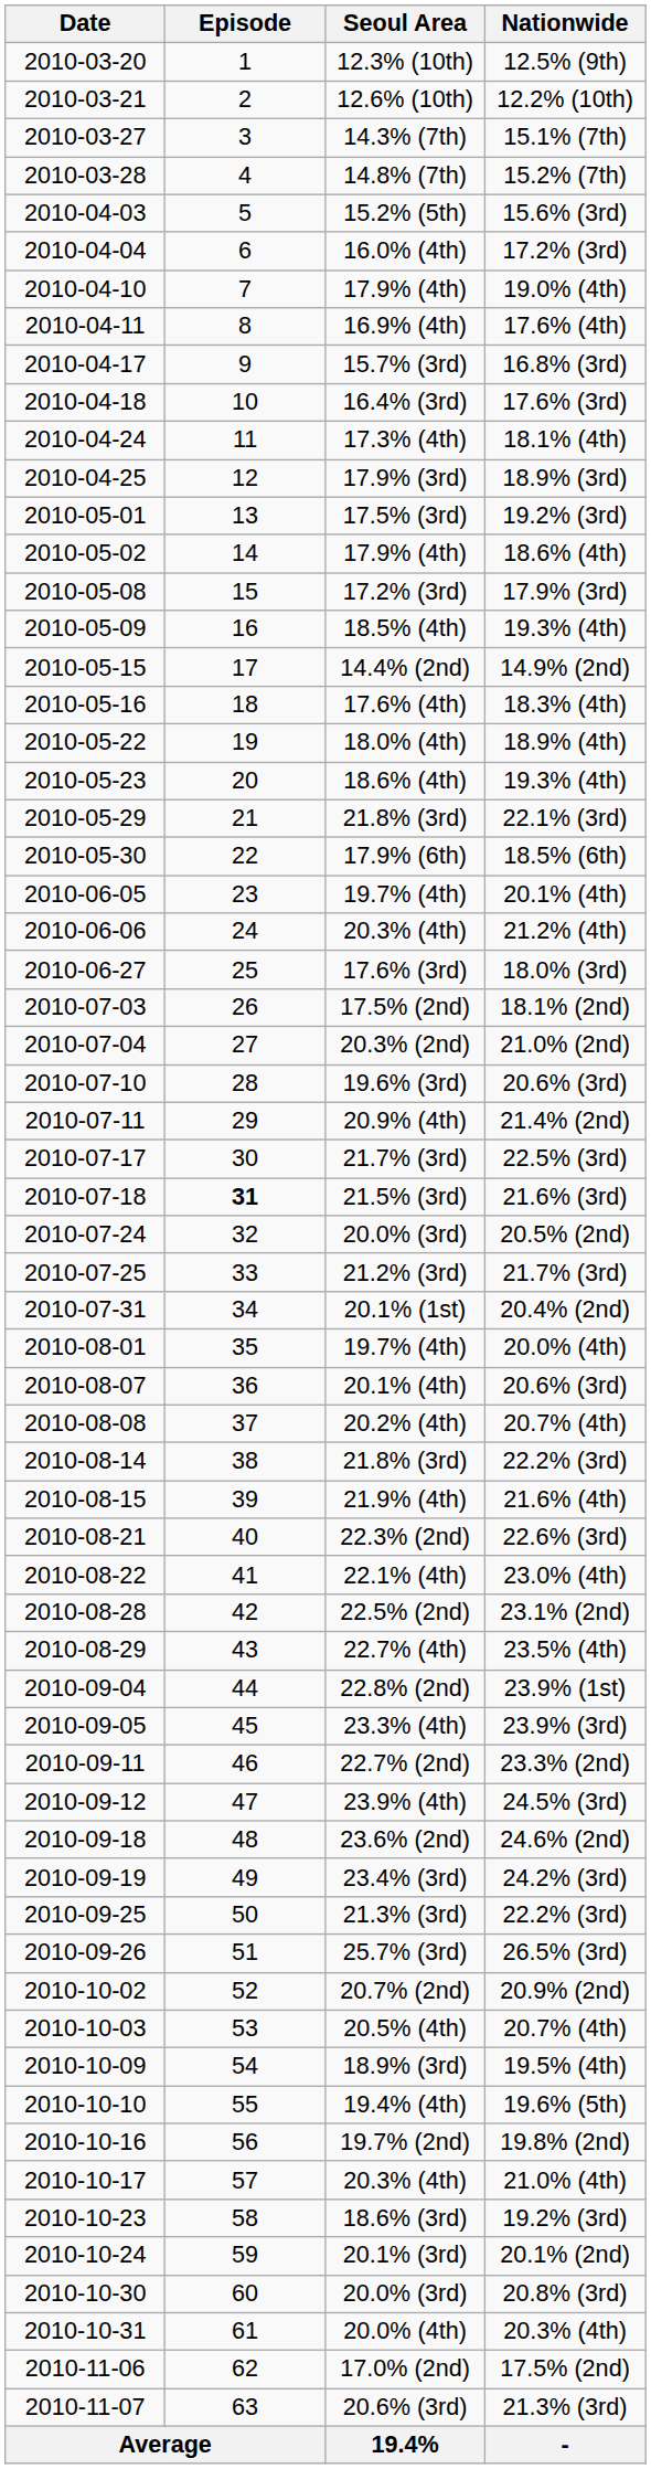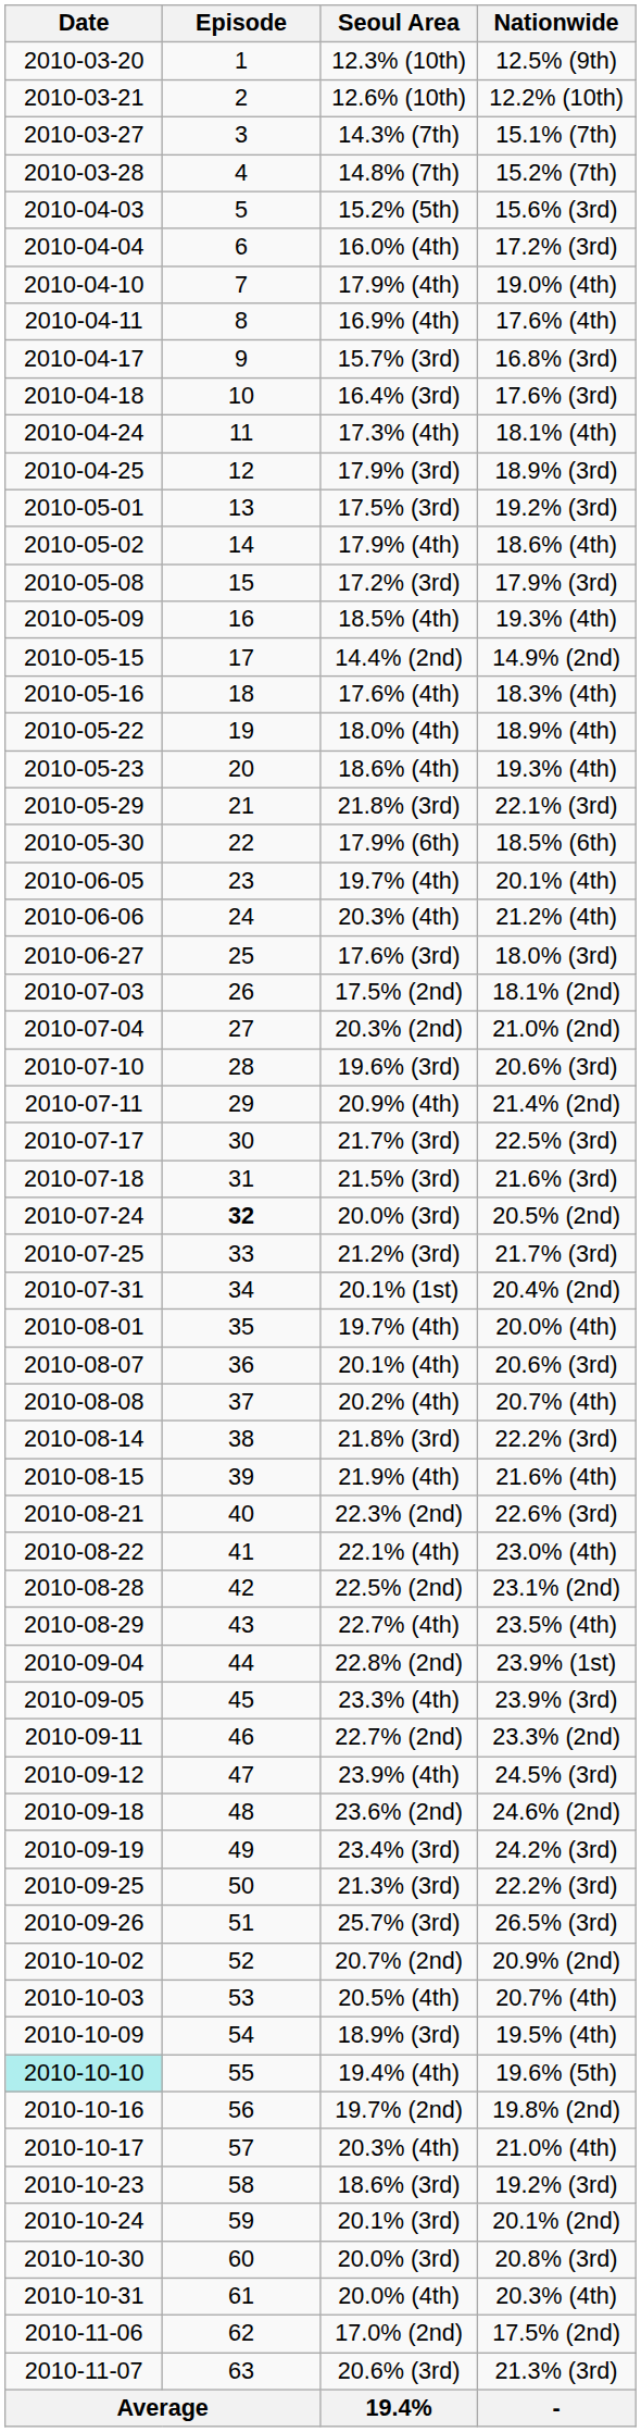 <table class="wikitable">
 <tr>
 <th width=100>Date</th>
 <th width=100>Episode</th>
 <th width=100>Seoul Area</th>
 <th width=100>Nationwide</th>
 </tr>
 <tr align="center">
 <td>2010-03-20</td>
 <td>1</td>
 <td>12.3% (10th)</td>
 <td>12.5% (9th)</td>
 </tr>
 <tr align="center">
 <td>2010-03-21</td>
 <td>2</td>
 <td>12.6% (10th)</td>
 <td>12.2% (10th)</td>
 </tr>
 <tr align="center">
 <td>2010-03-27</td>
 <td>3</td>
 <td>14.3% (7th)</td>
 <td>15.1% (7th)</td>
 </tr>
 <tr align="center">
 <td>2010-03-28</td>
 <td>4</td>
 <td>14.8% (7th)</td>
 <td>15.2% (7th)</td>
 </tr>
 <tr align="center">
 <td>2010-04-03</td>
 <td>5</td>
 <td>15.2% (5th)</td>
 <td>15.6% (3rd)</td>
 </tr>
 <tr align="center">
 <td>2010-04-04</td>
 <td>6</td>
 <td>16.0% (4th)</td>
 <td>17.2% (3rd)</td>
 </tr>
 <tr align="center">
 <td>2010-04-10</td>
 <td>7</td>
 <td>17.9% (4th)</td>
 <td>19.0% (4th)</td>
 </tr>
 <tr align="center">
 <td>2010-04-11</td>
 <td>8</td>
 <td>16.9% (4th)</td>
 <td>17.6% (4th)</td>
 </tr>
 <tr align="center">
 <td>2010-04-17</td>
 <td>9</td>
 <td>15.7% (3rd)</td>
 <td>16.8% (3rd)</td>
 </tr>
 <tr align="center">
 <td>2010-04-18</td>
 <td>10</td>
 <td>16.4% (3rd)</td>
 <td>17.6% (3rd)</td>
 </tr>
 <tr align="center">
 <td>2010-04-24</td>
 <td>11</td>
 <td>17.3% (4th)</td>
 <td>18.1% (4th)</td>
 </tr>
 <tr align="center">
 <td>2010-04-25</td>
 <td>12</td>
 <td>17.9% (3rd)</td>
 <td>18.9% (3rd)</td>
 </tr>
 <tr align="center">
 <td>2010-05-01</td>
 <td>13</td>
 <td>17.5% (3rd)</td>
 <td>19.2% (3rd)</td>
 </tr>
 <tr align="center">
 <td>2010-05-02</td>
 <td>14</td>
 <td>17.9% (4th)</td>
 <td>18.6% (4th)</td>
 </tr>
 <tr align="center">
 <td>2010-05-08</td>
 <td>15</td>
 <td>17.2% (3rd)</td>
 <td>17.9% (3rd)</td>
 </tr>
 <tr align="center">
 <td>2010-05-09</td>
 <td>16</td>
 <td>18.5% (4th)</td>
 <td>19.3% (4th)</td>
 </tr>
 <tr align="center">
 <td>2010-05-15</td>
 <td>17</td>
 <td>14.4% (2nd)</td>
 <td>14.9% (2nd)</td>
 </tr>
 <tr align="center">
 <td>2010-05-16</td>
 <td>18</td>
 <td>17.6% (4th)</td>
 <td>18.3% (4th)</td>
 </tr>
 <tr align="center">
 <td>2010-05-22</td>
 <td>19</td>
 <td>18.0% (4th)</td>
 <td>18.9% (4th)</td>
 </tr>
 <tr align="center">
 <td>2010-05-23</td>
 <td>20</td>
 <td>18.6% (4th)</td>
 <td>19.3% (4th)</td>
 </tr>
 <tr align="center">
 <td>2010-05-29</td>
 <td>21</td>
 <td>21.8% (3rd)</td>
 <td>22.1% (3rd)</td>
 </tr>
 <tr align="center">
 <td>2010-05-30</td>
 <td>22</td>
 <td>17.9% (6th)</td>
 <td>18.5% (6th)</td>
 </tr>
 <tr align="center">
 <td>2010-06-05</td>
 <td>23</td>
 <td>19.7% (4th)</td>
 <td>20.1% (4th)</td>
 </tr>
 <tr align="center">
 <td>2010-06-06</td>
 <td>24</td>
 <td>20.3% (4th)</td>
 <td>21.2% (4th)</td>
 </tr>
 <tr align="center">
 <td>2010-06-27</td>
 <td>25</td>
 <td>17.6% (3rd)</td>
 <td>18.0% (3rd)</td>
 </tr>
 <tr align="center">
 <td>2010-07-03</td>
 <td>26</td>
 <td>17.5% (2nd)</td>
 <td>18.1% (2nd)</td>
 </tr>
 <tr align="center">
 <td>2010-07-04</td>
 <td>27</td>
 <td>20.3% (2nd)</td>
 <td>21.0% (2nd)</td>
 </tr>
 <tr align="center">
 <td>2010-07-10</td>
 <td>28</td>
 <td>19.6% (3rd)</td>
 <td>20.6% (3rd)</td>
 </tr>
 <tr align="center">
 <td>2010-07-11</td>
 <td>29</td>
 <td>20.9% (4th)</td>
 <td>21.4% (2nd)</td>
 </tr>
 <tr align="center">
 <td>2010-07-17</td>
 <td>30</td>
 <td>21.7% (3rd)</td>
 <td>22.5% (3rd)</td>
 </tr>
 <tr align="center">
 <td>2010-07-18</td>
-<td><strong>31</strong></td>
+<td>31</td>
 <td>21.5% (3rd)</td>
 <td>21.6% (3rd)</td>
 </tr>
 <tr align="center">
 <td>2010-07-24</td>
-<td>32</td>
+<td><strong>32</strong></td>
 <td>20.0% (3rd)</td>
 <td>20.5% (2nd)</td>
 </tr>
 <tr align="center">
 <td>2010-07-25</td>
 <td>33</td>
 <td>21.2% (3rd)</td>
 <td>21.7% (3rd)</td>
 </tr>
 <tr align="center">
 <td>2010-07-31</td>
 <td>34</td>
 <td>20.1% (1st)</td>
 <td>20.4% (2nd)</td>
 </tr>
 <tr align="center">
 <td>2010-08-01</td>
 <td>35</td>
 <td>19.7% (4th)</td>
 <td>20.0% (4th)</td>
 </tr>
 <tr align="center">
 <td>2010-08-07</td>
 <td>36</td>
 <td>20.1% (4th)</td>
 <td>20.6% (3rd)</td>
 </tr>
 <tr align="center">
 <td>2010-08-08</td>
 <td>37</td>
 <td>20.2% (4th)</td>
 <td>20.7% (4th)</td>
 </tr>
 <tr align="center">
 <td>2010-08-14</td>
 <td>38</td>
 <td>21.8% (3rd)</td>
 <td>22.2% (3rd)</td>
 </tr>
 <tr align="center">
 <td>2010-08-15</td>
 <td>39</td>
 <td>21.9% (4th)</td>
 <td>21.6% (4th)</td>
 </tr>
 <tr align="center">
 <td>2010-08-21</td>
 <td>40</td>
 <td>22.3% (2nd)</td>
 <td>22.6% (3rd)</td>
 </tr>
 <tr align="center">
 <td>2010-08-22</td>
 <td>41</td>
 <td>22.1% (4th)</td>
 <td>23.0% (4th)</td>
 </tr>
 <tr align="center">
 <td>2010-08-28</td>
 <td>42</td>
 <td>22.5% (2nd)</td>
 <td>23.1% (2nd)</td>
 </tr>
 <tr align="center">
 <td>2010-08-29</td>
 <td>43</td>
 <td>22.7% (4th)</td>
 <td>23.5% (4th)</td>
 </tr>
 <tr align="center">
 <td>2010-09-04</td>
 <td>44</td>
 <td>22.8% (2nd)</td>
 <td>23.9% (1st)</td>
 </tr>
 <tr align="center">
 <td>2010-09-05</td>
 <td>45</td>
 <td>23.3% (4th)</td>
 <td>23.9% (3rd)</td>
 </tr>
 <tr align="center">
 <td>2010-09-11</td>
 <td>46</td>
 <td>22.7% (2nd)</td>
 <td>23.3% (2nd)</td>
 </tr>
 <tr align="center">
 <td>2010-09-12</td>
 <td>47</td>
 <td>23.9% (4th)</td>
 <td>24.5% (3rd)</td>
 </tr>
 <tr align="center">
 <td>2010-09-18</td>
 <td>48</td>
 <td>23.6% (2nd)</td>
 <td>24.6% (2nd)</td>
 </tr>
 <tr align="center">
 <td>2010-09-19</td>
 <td>49</td>
 <td>23.4% (3rd)</td>
 <td>24.2% (3rd)</td>
 </tr>
 <tr align="center">
 <td>2010-09-25</td>
 <td>50</td>
 <td>21.3% (3rd)</td>
 <td>22.2% (3rd)</td>
 </tr>
 <tr align="center">
 <td>2010-09-26</td>
 <td>51</td>
 <td>25.7% (3rd)</td>
 <td>26.5% (3rd)</td>
 </tr>
 <tr align="center">
 <td>2010-10-02</td>
 <td>52</td>
 <td>20.7% (2nd)</td>
 <td>20.9% (2nd)</td>
 </tr>
 <tr align="center">
 <td>2010-10-03</td>
 <td>53</td>
 <td>20.5% (4th)</td>
 <td>20.7% (4th)</td>
 </tr>
 <tr align="center">
 <td>2010-10-09</td>
 <td>54</td>
 <td>18.9% (3rd)</td>
 <td>19.5% (4th)</td>
 </tr>
 <tr align="center">
-<td>2010-10-10</td>
+<td style="background: paleturquoise;">2010-10-10</td>
 <td>55</td>
 <td>19.4% (4th)</td>
 <td>19.6% (5th)</td>
 </tr>
 <tr align="center">
 <td>2010-10-16</td>
 <td>56</td>
 <td>19.7% (2nd)</td>
 <td>19.8% (2nd)</td>
 </tr>
 <tr align="center">
 <td>2010-10-17</td>
 <td>57</td>
 <td>20.3% (4th)</td>
 <td>21.0% (4th)</td>
 </tr>
 <tr align="center">
 <td>2010-10-23</td>
 <td>58</td>
 <td>18.6% (3rd)</td>
 <td>19.2% (3rd)</td>
 </tr>
 <tr align="center">
 <td>2010-10-24</td>
 <td>59</td>
 <td>20.1% (3rd)</td>
 <td>20.1% (2nd)</td>
 </tr>
 <tr align="center">
 <td>2010-10-30</td>
 <td>60</td>
 <td>20.0% (3rd)</td>
 <td>20.8% (3rd)</td>
 </tr>
 <tr align="center">
 <td>2010-10-31</td>
 <td>61</td>
 <td>20.0% (4th)</td>
 <td>20.3% (4th)</td>
 </tr>
 <tr align="center">
 <td>2010-11-06</td>
 <td>62</td>
 <td>17.0% (2nd)</td>
 <td>17.5% (2nd)</td>
 </tr>
 <tr align="center">
 <td>2010-11-07</td>
 <td>63</td>
 <td>20.6% (3rd)</td>
 <td>21.3% (3rd)</td>
 </tr>
 <tr align="center">
 <th colspan=2>Average</th>
 <th>19.4%</th>
 <th>-</th>
 </tr>
 </table>
